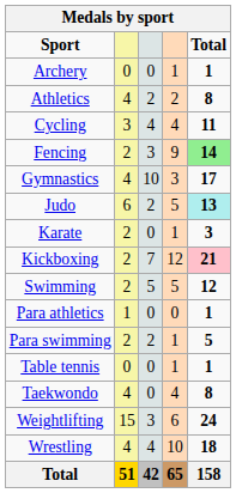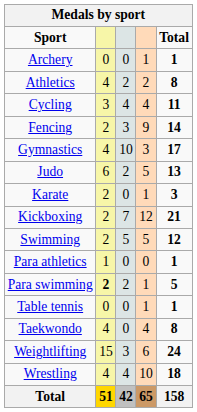 <table class="wikitable" style="font-size:85%">
 <tr style="background:#efefef;">
 <th colspan=7><strong>Medals by sport</strong></th>
 </tr>
 <tr align=center>
 <td><strong>Sport</strong></td>
 <td bgcolor=#f7f6a8></td>
 <td bgcolor=#dce5e5></td>
 <td bgcolor=#ffdab9></td>
 <td><strong>Total</strong></td>
 </tr>
 <tr align=center>
 <td><a href='#'>Archery</a></td>
 <td style="background:#F7F6A8;">0</td>
 <td style="background:#DCE5E5;">0</td>
 <td style="background:#FFDAB9;">1</td>
 <td><strong>1</strong></td>
 </tr>
 <tr align=center>
 <td><a href='#'>Athletics</a></td>
 <td style="background:#F7F6A8;">4</td>
 <td style="background:#DCE5E5;">2</td>
 <td style="background:#FFDAB9;">2</td>
 <td><strong>8</strong></td>
 </tr>
 <tr align=center>
 <td><a href='#'>Cycling</a></td>
 <td style="background:#F7F6A8;">3</td>
 <td style="background:#DCE5E5;">4</td>
 <td style="background:#FFDAB9;">4</td>
 <td><strong>11</strong></td>
 </tr>
 <tr align=center>
 <td><a href='#'>Fencing</a></td>
 <td style="background:#F7F6A8;">2</td>
 <td style="background:#DCE5E5;">3</td>
 <td style="background:#FFDAB9;">9</td>
-<td style="background: lightgreen;"><strong>14</strong></td>
+<td><strong>14</strong></td>
 </tr>
 <tr align=center>
 <td><a href='#'>Gymnastics</a></td>
 <td style="background:#F7F6A8;">4</td>
 <td style="background:#DCE5E5;">10</td>
 <td style="background:#FFDAB9;">3</td>
 <td><strong>17</strong></td>
 </tr>
 <tr align=center>
 <td><a href='#'>Judo</a></td>
 <td style="background:#F7F6A8;">6</td>
 <td style="background:#DCE5E5;">2</td>
 <td style="background:#FFDAB9;">5</td>
-<td style="background: paleturquoise;"><strong>13</strong></td>
+<td><strong>13</strong></td>
 </tr>
 <tr align=center>
 <td><a href='#'>Karate</a></td>
 <td style="background:#F7F6A8;">2</td>
 <td style="background:#DCE5E5;">0</td>
 <td style="background:#FFDAB9;">1</td>
 <td><strong>3</strong></td>
 </tr>
 <tr align=center>
 <td><a href='#'>Kickboxing</a></td>
 <td style="background:#F7F6A8;">2</td>
 <td style="background:#DCE5E5;">7</td>
 <td style="background:#FFDAB9;">12</td>
-<td style="background: pink;"><strong>21</strong></td>
+<td><strong>21</strong></td>
 </tr>
 <tr align=center>
 <td><a href='#'>Swimming</a></td>
 <td style="background:#F7F6A8;">2</td>
 <td style="background:#DCE5E5;">5</td>
 <td style="background:#FFDAB9;">5</td>
 <td><strong>12</strong></td>
 </tr>
 <tr align=center>
 <td><a href='#'>Para athletics</a></td>
 <td style="background:#F7F6A8;">1</td>
 <td style="background:#DCE5E5;">0</td>
 <td style="background:#FFDAB9;">0</td>
 <td><strong>1</strong></td>
 </tr>
 <tr align=center>
 <td><a href='#'>Para swimming</a></td>
-<td style="background:#F7F6A8;">2</td>
+<td style="background:#F7F6A8;"><strong>2</strong></td>
 <td style="background:#DCE5E5;">2</td>
 <td style="background:#FFDAB9;">1</td>
 <td><strong>5</strong></td>
 </tr>
 <tr align=center>
 <td><a href='#'>Table tennis</a></td>
 <td style="background:#F7F6A8;">0</td>
 <td style="background:#DCE5E5;">0</td>
 <td style="background:#FFDAB9;">1</td>
 <td><strong>1</strong></td>
 </tr>
 <tr align=center>
 <td><a href='#'>Taekwondo</a></td>
 <td style="background:#F7F6A8;">4</td>
 <td style="background:#DCE5E5;">0</td>
 <td style="background:#FFDAB9;">4</td>
 <td><strong>8</strong></td>
 </tr>
 <tr align=center>
 <td><a href='#'>Weightlifting</a></td>
 <td style="background:#F7F6A8;">15</td>
 <td style="background:#DCE5E5;">3</td>
 <td style="background:#FFDAB9;">6</td>
 <td><strong>24</strong></td>
 </tr>
 <tr align=center>
 <td><a href='#'>Wrestling</a></td>
 <td style="background:#F7F6A8;">4</td>
 <td style="background:#DCE5E5;">4</td>
 <td style="background:#FFDAB9;">10</td>
 <td><strong>18</strong></td>
 </tr>
 <tr align=center>
 <th><strong>Total</strong></th>
 <th style="background:gold;"><strong>51</strong></th>
 <th style="background:silver;"><strong>42</strong></th>
 <th style="background:#c96;"><strong>65</strong></th>
 <th><strong>158</strong></th>
 </tr>
 </table>
